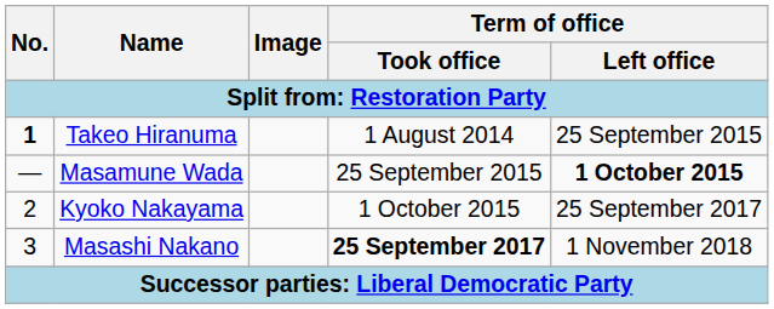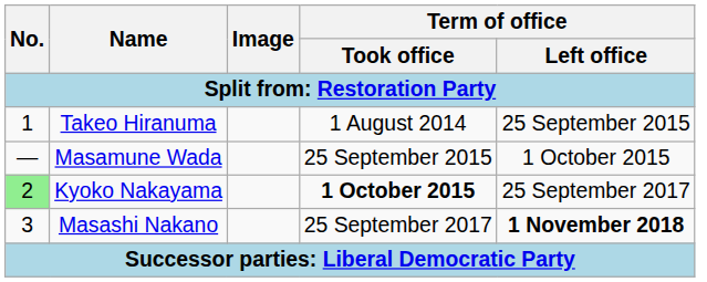 <table class="wikitable"  style="text-align:center">
 <tr>
 <th rowspan=2>No.</th>
 <th rowspan=2>Name</th>
 <th rowspan="2">Image</th>
 <th colspan=2>Term of office</th>
 </tr>
 <tr>
 <th>Took office</th>
 <th>Left office</th>
 </tr>
 <tr>
 <td bgcolor="lightblue" colspan="5"><strong>Split from: <a href='#'>Restoration Party</a></strong></td>
 </tr>
 <tr>
-<td><strong>1</strong></td>
+<td>1</td>
 <td><a href='#'>Takeo Hiranuma</a></td>
 <td></td>
 <td>1 August 2014</td>
 <td>25 September 2015</td>
 </tr>
 <tr>
 <td>—</td>
 <td><a href='#'>Masamune Wada</a></td>
 <td></td>
 <td>25 September 2015</td>
-<td><strong>1 October 2015</strong></td>
+<td>1 October 2015</td>
 </tr>
 <tr>
-<td>2</td>
+<td style="background: lightgreen;">2</td>
 <td><a href='#'>Kyoko Nakayama</a></td>
 <td></td>
-<td>1 October 2015</td>
+<td><strong>1 October 2015</strong></td>
 <td>25 September 2017</td>
 </tr>
 <tr>
 <td>3</td>
 <td><a href='#'>Masashi Nakano</a></td>
 <td></td>
-<td><strong>25 September 2017</strong></td>
-<td>1 November 2018</td>
+<td>25 September 2017</td>
+<td><strong>1 November 2018</strong></td>
 </tr>
 <tr>
 <td bgcolor="lightblue" colspan="5"><strong>Successor parties: <a href='#'>Liberal Democratic Party</a></strong></td>
 </tr>
 </table>
